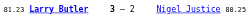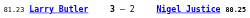 <table style="text-align:center">
 <tr>
 <th width=223></th>
 <th width=100></th>
 <th width=223></th>
 </tr>
 <tr>
 <td align=right><small>81.23</small> <strong><a href='#'>Larry Butler</a></strong> </td>
 <td><strong>3</strong> – 2</td>
-<td align=left> <a href='#'>Nigel Justice</a> <small>80.25</small></td>
+<td align=left><strong> <a href='#'>Nigel Justice</a> <small>80.25</small></strong></td>
 </tr>
 </table>
